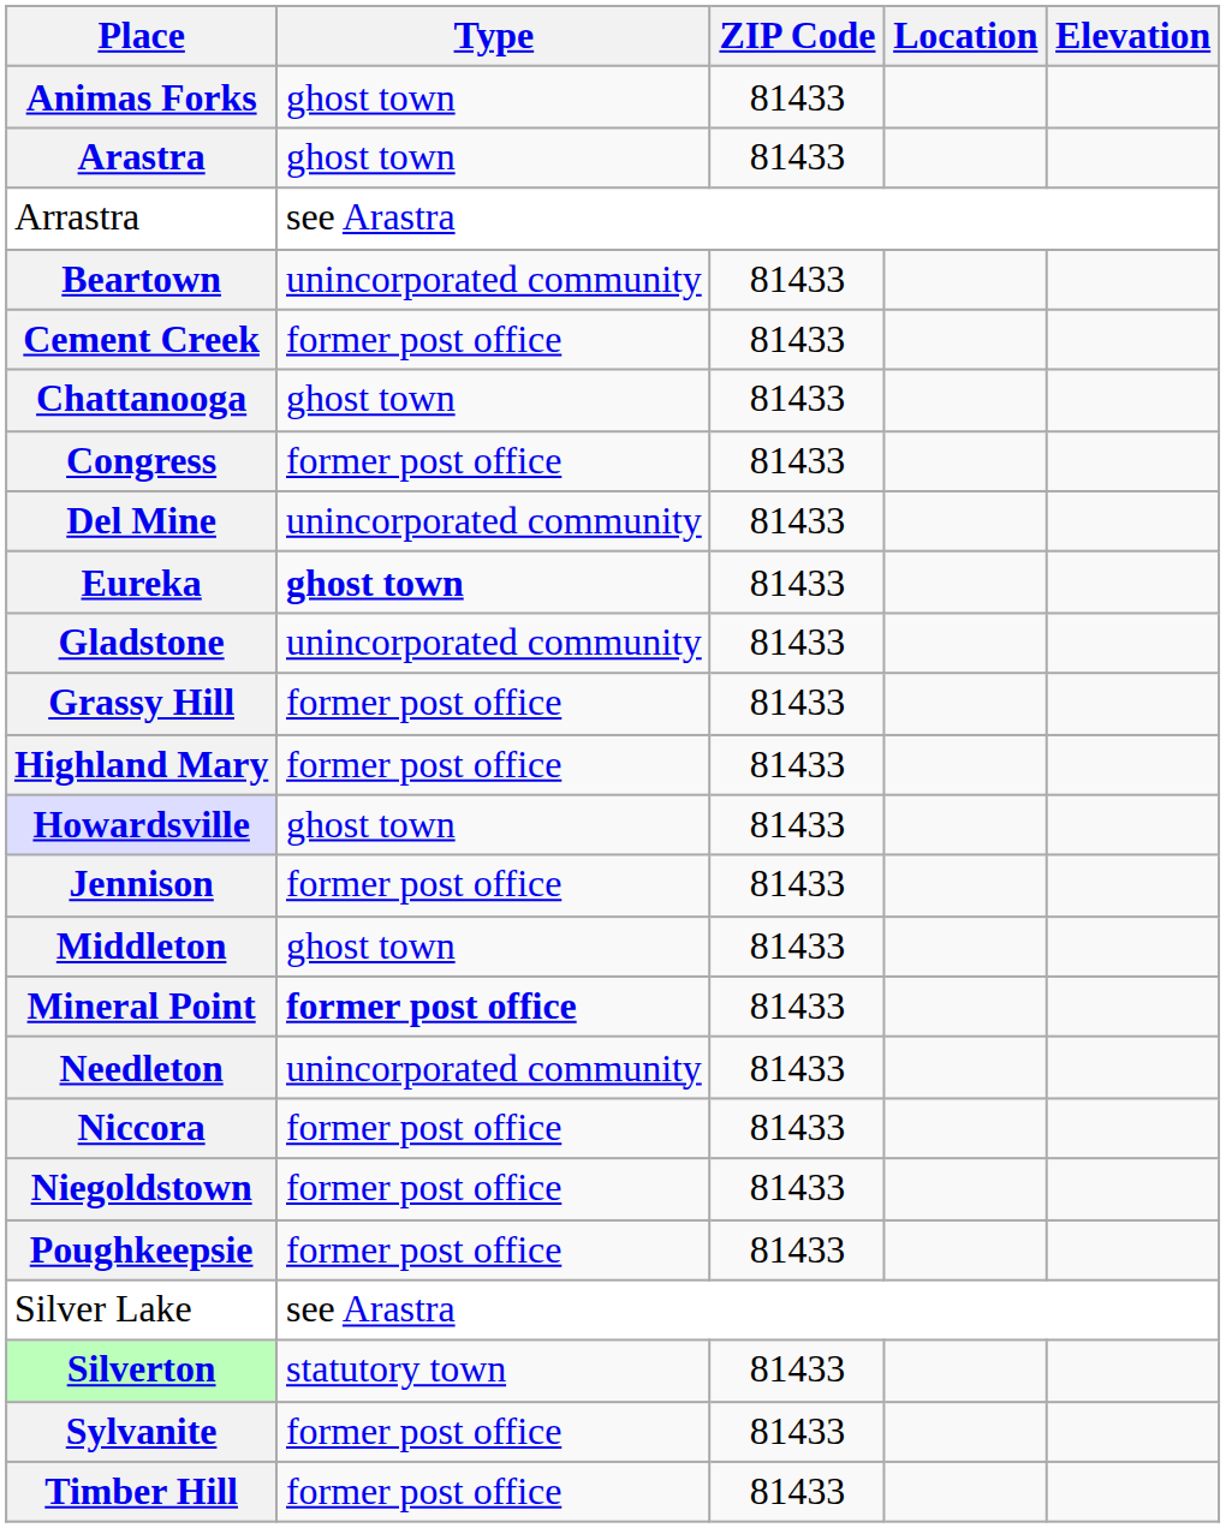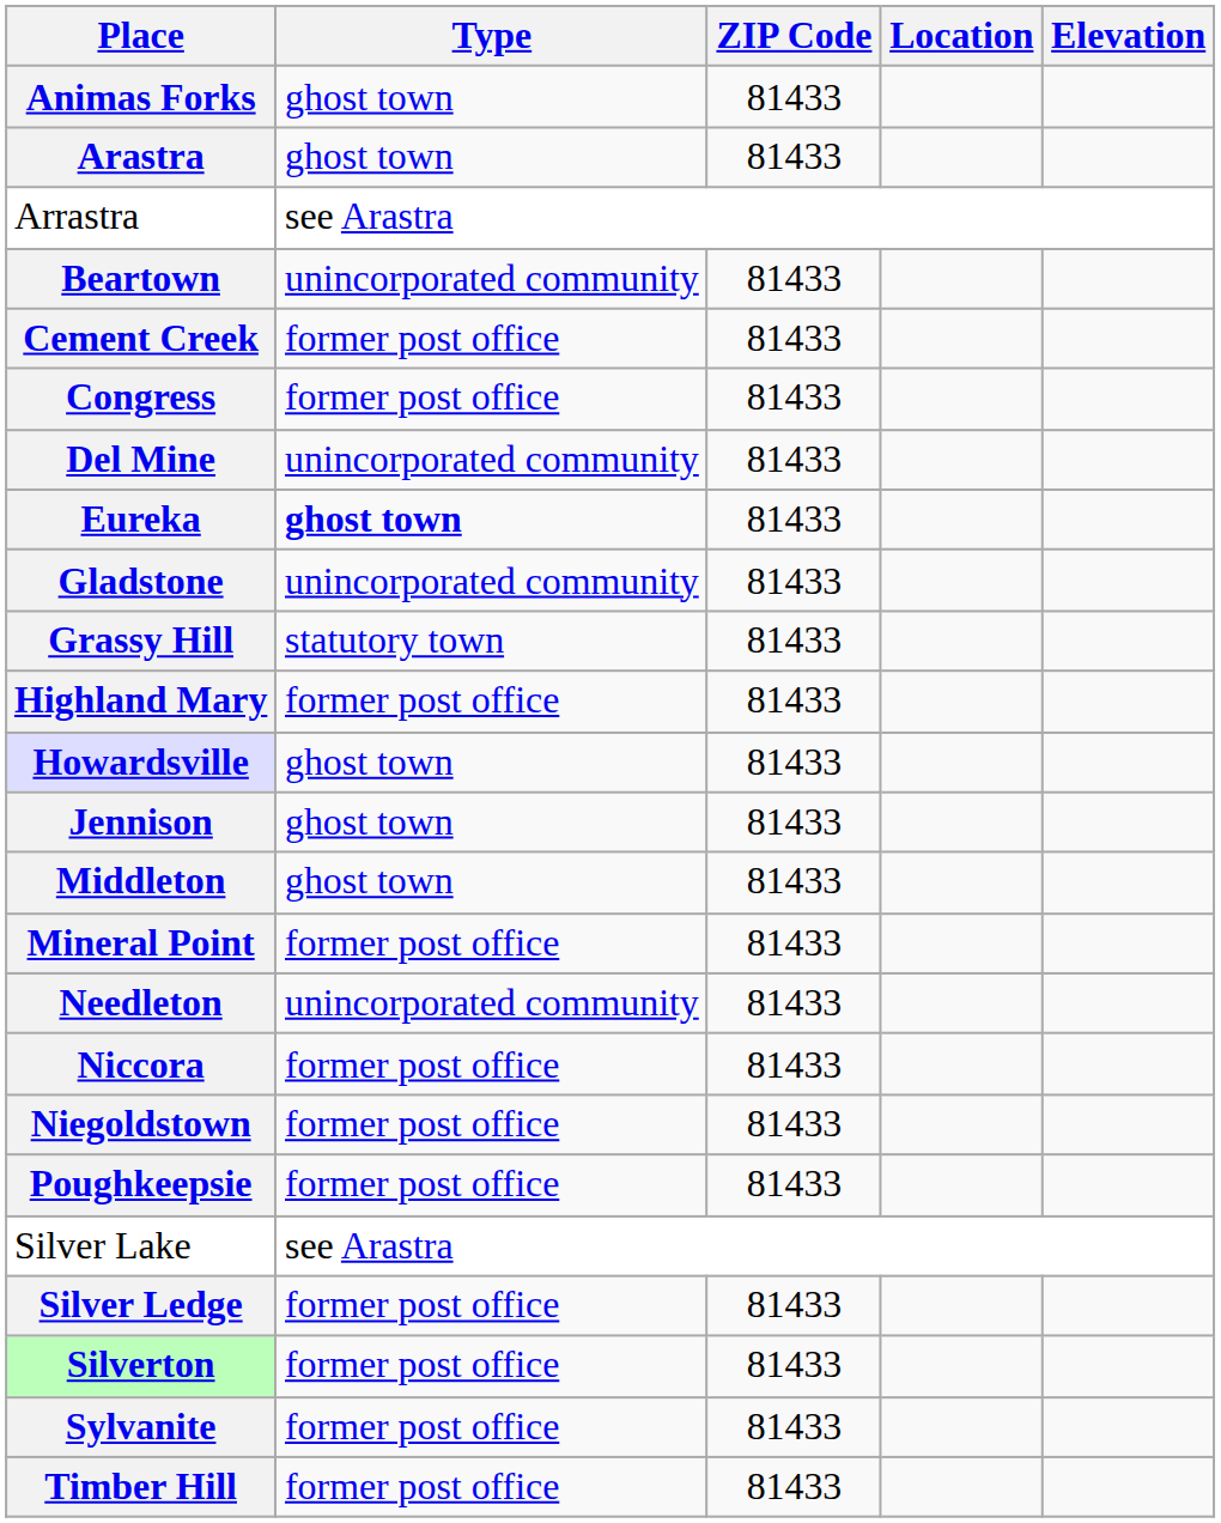 <table class="wikitable sortable  plainrowheaders" style="margin:auto;">
 <tr>
 <th scope=col><a href='#'>Place</a></th>
 <th scope=col><a href='#'>Type</a></th>
 <th scope=col><a href='#'>ZIP Code</a></th>
 <th scope=col><a href='#'>Location</a></th>
 <th scope=col><a href='#'>Elevation</a></th>
 </tr>
 <tr>
 <th scope=row><a href='#'>Animas Forks</a></th>
 <td><a href='#'>ghost town</a></td>
 <td align=center>81433</td>
 <td></td>
 <td align=right></td>
 </tr>
 <tr>
 <th scope=row><a href='#'>Arastra</a></th>
 <td><a href='#'>ghost town</a></td>
 <td align=center>81433</td>
 <td></td>
 <td align=right></td>
 </tr>
 <tr bgcolor=white>
 <td>Arrastra</td>
 <td colspan=4>see <a href='#'>Arastra</a></td>
 </tr>
 <tr>
 <th scope=row><a href='#'>Beartown</a></th>
 <td><a href='#'>unincorporated community</a></td>
 <td align=center>81433</td>
 <td></td>
 <td align=right></td>
 </tr>
 <tr>
 <th scope=row><a href='#'>Cement Creek</a></th>
 <td><a href='#'>former post office</a></td>
 <td align=center>81433</td>
 <td></td>
 <td></td>
 </tr>
 <tr>
-<th scope=row><a href='#'>Chattanooga</a></th>
-<td><a href='#'>ghost town</a></td>
-<td align=center>81433</td>
-<td></td>
-<td align=right></td>
-</tr>
-<tr>
 <th scope=row><a href='#'>Congress</a></th>
 <td><a href='#'>former post office</a></td>
 <td align=center>81433</td>
 <td></td>
 <td></td>
 </tr>
 <tr>
 <th scope=row><a href='#'>Del Mine</a></th>
 <td><a href='#'>unincorporated community</a></td>
 <td align=center>81433</td>
 <td></td>
 <td></td>
 </tr>
 <tr>
 <th scope=row><a href='#'>Eureka</a></th>
 <td><strong><a href='#'>ghost town</a></strong></td>
 <td align=center>81433</td>
 <td></td>
 <td align=right></td>
 </tr>
 <tr>
 <th scope=row><a href='#'>Gladstone</a></th>
 <td><a href='#'>unincorporated community</a></td>
 <td align=center>81433</td>
 <td></td>
 <td align=right></td>
 </tr>
 <tr>
 <th scope=row><a href='#'>Grassy Hill</a></th>
-<td><a href='#'>former post office</a></td>
+<td><a href='#'>statutory town</a></td>
 <td align=center>81433</td>
 <td></td>
 <td></td>
 </tr>
 <tr>
 <th scope=row><a href='#'>Highland Mary</a></th>
 <td><a href='#'>former post office</a></td>
 <td align=center>81433</td>
 <td></td>
 <td></td>
 </tr>
 <tr>
 <th scope=row style="background:#DDDDFF;"><a href='#'>Howardsville</a></th>
 <td><a href='#'>ghost town</a></td>
 <td align=center>81433</td>
 <td></td>
 <td align=right></td>
 </tr>
 <tr>
 <th scope=row><a href='#'>Jennison</a></th>
-<td><a href='#'>former post office</a></td>
+<td><a href='#'>ghost town</a></td>
 <td align=center>81433</td>
 <td></td>
 <td></td>
 </tr>
 <tr>
 <th scope=row><a href='#'>Middleton</a></th>
 <td><a href='#'>ghost town</a></td>
 <td align=center>81433</td>
 <td></td>
 <td align=right></td>
 </tr>
 <tr>
 <th scope=row><a href='#'>Mineral Point</a></th>
-<td><strong><a href='#'>former post office</a></strong></td>
+<td><a href='#'>former post office</a></td>
 <td align=center>81433</td>
 <td></td>
 <td></td>
 </tr>
 <tr>
 <th scope=row><a href='#'>Needleton</a></th>
 <td><a href='#'>unincorporated community</a></td>
 <td align=center>81433</td>
 <td></td>
 <td align=right></td>
 </tr>
 <tr>
 <th scope=row><a href='#'>Niccora</a></th>
 <td><a href='#'>former post office</a></td>
 <td align=center>81433</td>
 <td></td>
 <td></td>
 </tr>
 <tr>
 <th scope=row><a href='#'>Niegoldstown</a></th>
 <td><a href='#'>former post office</a></td>
 <td align=center>81433</td>
 <td></td>
 <td></td>
 </tr>
 <tr>
 <th scope=row><a href='#'>Poughkeepsie</a></th>
 <td><a href='#'>former post office</a></td>
 <td align=center>81433</td>
 <td></td>
 <td></td>
 </tr>
 <tr bgcolor=white>
 <td>Silver Lake</td>
 <td colspan=4>see <a href='#'>Arastra</a></td>
 </tr>
 <tr>
+<th scope=row><a href='#'>Silver Ledge</a></th>
+<td><a href='#'>former post office</a></td>
+<td align=center>81433</td>
+<td></td>
+<td></td>
+</tr>
+<tr>
 <th scope=row style="background:#BBFFBB;"><a href='#'>Silverton</a></th>
-<td><a href='#'>statutory town</a></td>
+<td><a href='#'>former post office</a></td>
 <td align=center>81433</td>
 <td></td>
 <td align=right></td>
 </tr>
 <tr>
 <th scope=row><a href='#'>Sylvanite</a></th>
 <td><a href='#'>former post office</a></td>
 <td align=center>81433</td>
 <td></td>
 <td></td>
 </tr>
 <tr>
 <th scope=row><a href='#'>Timber Hill</a></th>
 <td><a href='#'>former post office</a></td>
 <td align=center>81433</td>
 <td></td>
 <td></td>
 </tr>
 </table>
